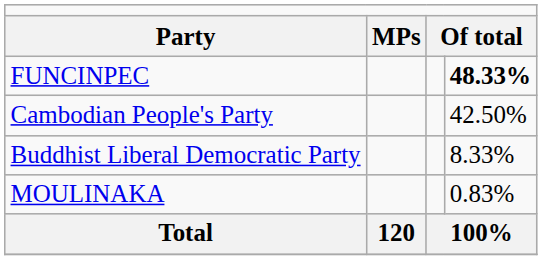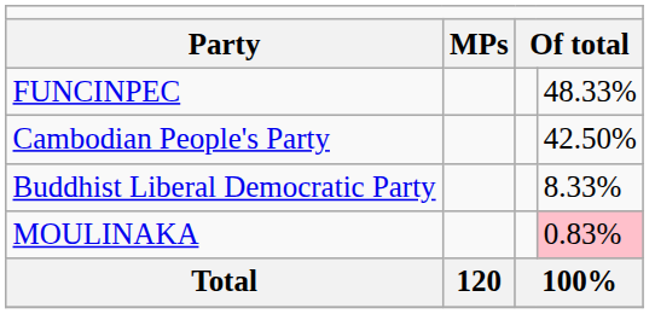 <table class=wikitable>
 <tr>
 <td colspan=9></td>
 </tr>
 <tr>
 <th>Party</th>
 <th>MPs</th>
 <th colspan=2>Of total</th>
 </tr>
 <tr>
 <td><a href='#'>FUNCINPEC</a></td>
 <td></td>
 <td><div><div>  </div></div></td>
-<td><strong>48.33%</strong></td>
+<td>48.33%</td>
 </tr>
 <tr>
 <td><a href='#'>Cambodian People's Party</a></td>
 <td></td>
 <td><div><div>  </div></div></td>
 <td>42.50%</td>
 </tr>
 <tr>
 <td><a href='#'>Buddhist Liberal Democratic Party</a></td>
 <td></td>
 <td><div><div>  </div></div></td>
 <td>8.33%</td>
 </tr>
 <tr>
 <td><a href='#'>MOULINAKA</a></td>
 <td></td>
 <td><div><div>  </div></div></td>
-<td>0.83%</td>
+<td style="background: pink;">0.83%</td>
 </tr>
 <tr>
 <th colspan="1"><strong>Total</strong></th>
 <th colspan="1"><strong>120</strong></th>
 <th colspan="2"><strong>100%</strong></th>
 </tr>
 <tr>
 </tr>
 </table>
